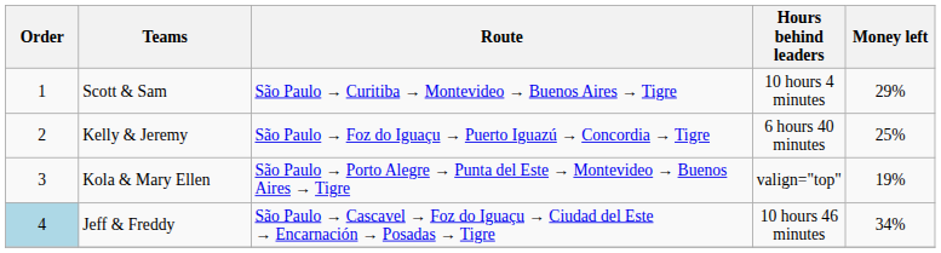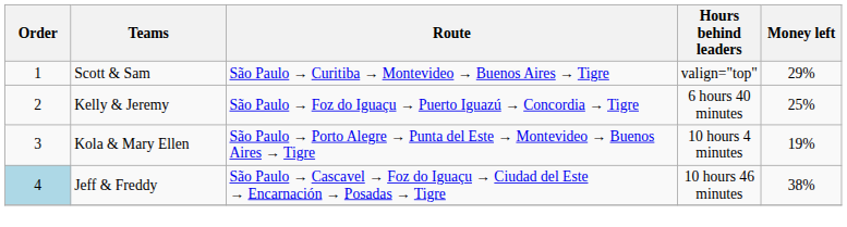 <table class="wikitable sortable" style="text-align:center">
 <tr>
 <th style="width:4em">Order</th>
 <th style="width:10em">Teams</th>
 <th style="width:30em">Route</th>
 <th style="width:5em">Hours behind leaders</th>
 <th style="width:5em">Money left</th>
 </tr>
 <tr>
 <td>1</td>
 <td style="text-align:left">Scott & Sam</td>
 <td style="text-align:left"><a href='#'>São Paulo</a>  → <a href='#'>Curitiba</a>  → <a href='#'>Montevideo</a>  → <a href='#'>Buenos Aires</a>  →  <a href='#'>Tigre</a></td>
-<td>10 hours 4 minutes</td>
+<td>valign="top" </td>
 <td>29%</td>
 </tr>
 <tr>
 <td>2</td>
 <td style="text-align:left">Kelly & Jeremy</td>
 <td style="text-align:left"><a href='#'>São Paulo</a>  → <a href='#'>Foz do Iguaçu</a>  → <a href='#'>Puerto Iguazú</a>  → <a href='#'>Concordia</a>  →  <a href='#'>Tigre</a></td>
 <td>6 hours 40 minutes</td>
 <td>25%</td>
 </tr>
 <tr>
 <td>3</td>
 <td style="text-align:left">Kola & Mary Ellen</td>
 <td style="text-align:left"><a href='#'>São Paulo</a>  → <a href='#'>Porto Alegre</a>  → <a href='#'>Punta del Este</a>  → <a href='#'>Montevideo</a>  → <a href='#'>Buenos Aires</a> →  <a href='#'>Tigre</a></td>
-<td>valign="top" </td>
+<td>10 hours 4 minutes</td>
 <td>19%</td>
 </tr>
 <tr>
 <td style="background: lightblue;">4</td>
 <td style="text-align:left">Jeff & Freddy</td>
 <td style="text-align:left"><a href='#'>São Paulo</a>  → <a href='#'>Cascavel</a>  → <a href='#'>Foz do Iguaçu</a>  → <a href='#'>Ciudad del Este</a>  → <a href='#'>Encarnación</a>  → <a href='#'>Posadas</a>  →  <a href='#'>Tigre</a></td>
 <td>10 hours 46 minutes</td>
-<td>34%</td>
+<td>38%</td>
 </tr>
 <tr>
 </tr>
 </table>
